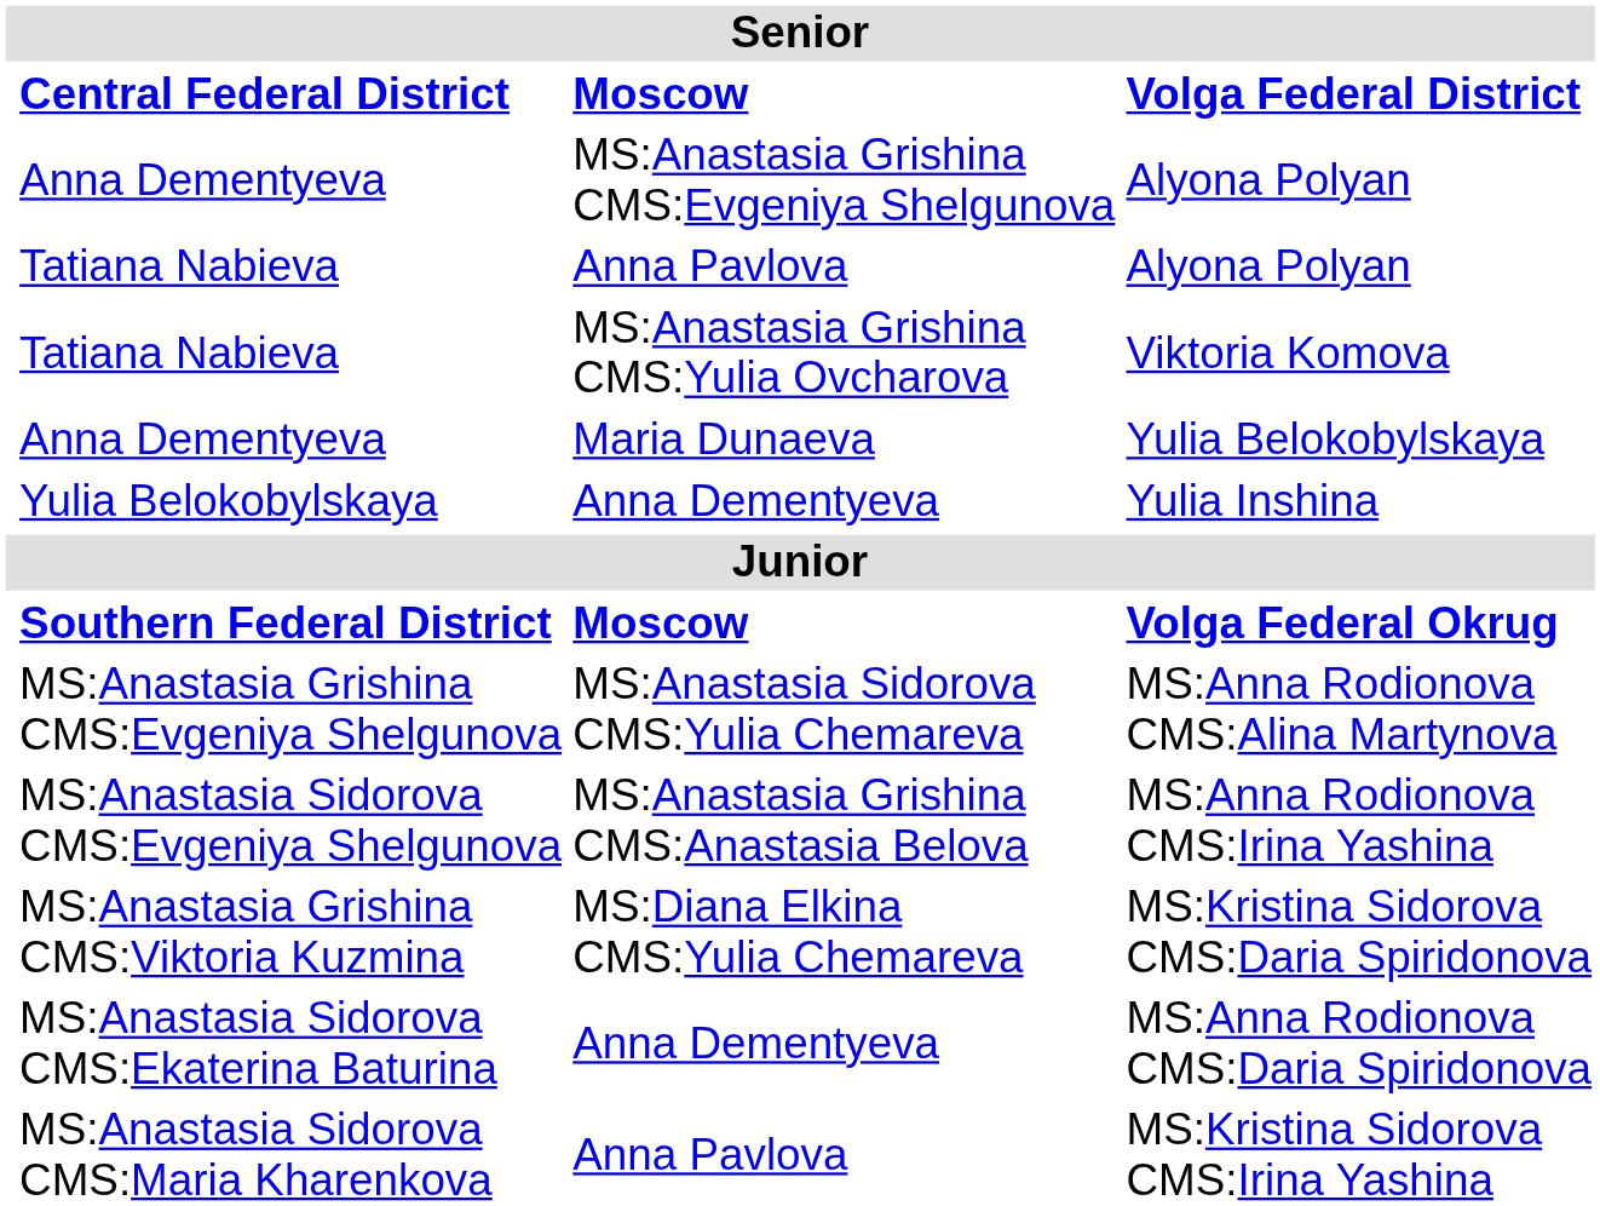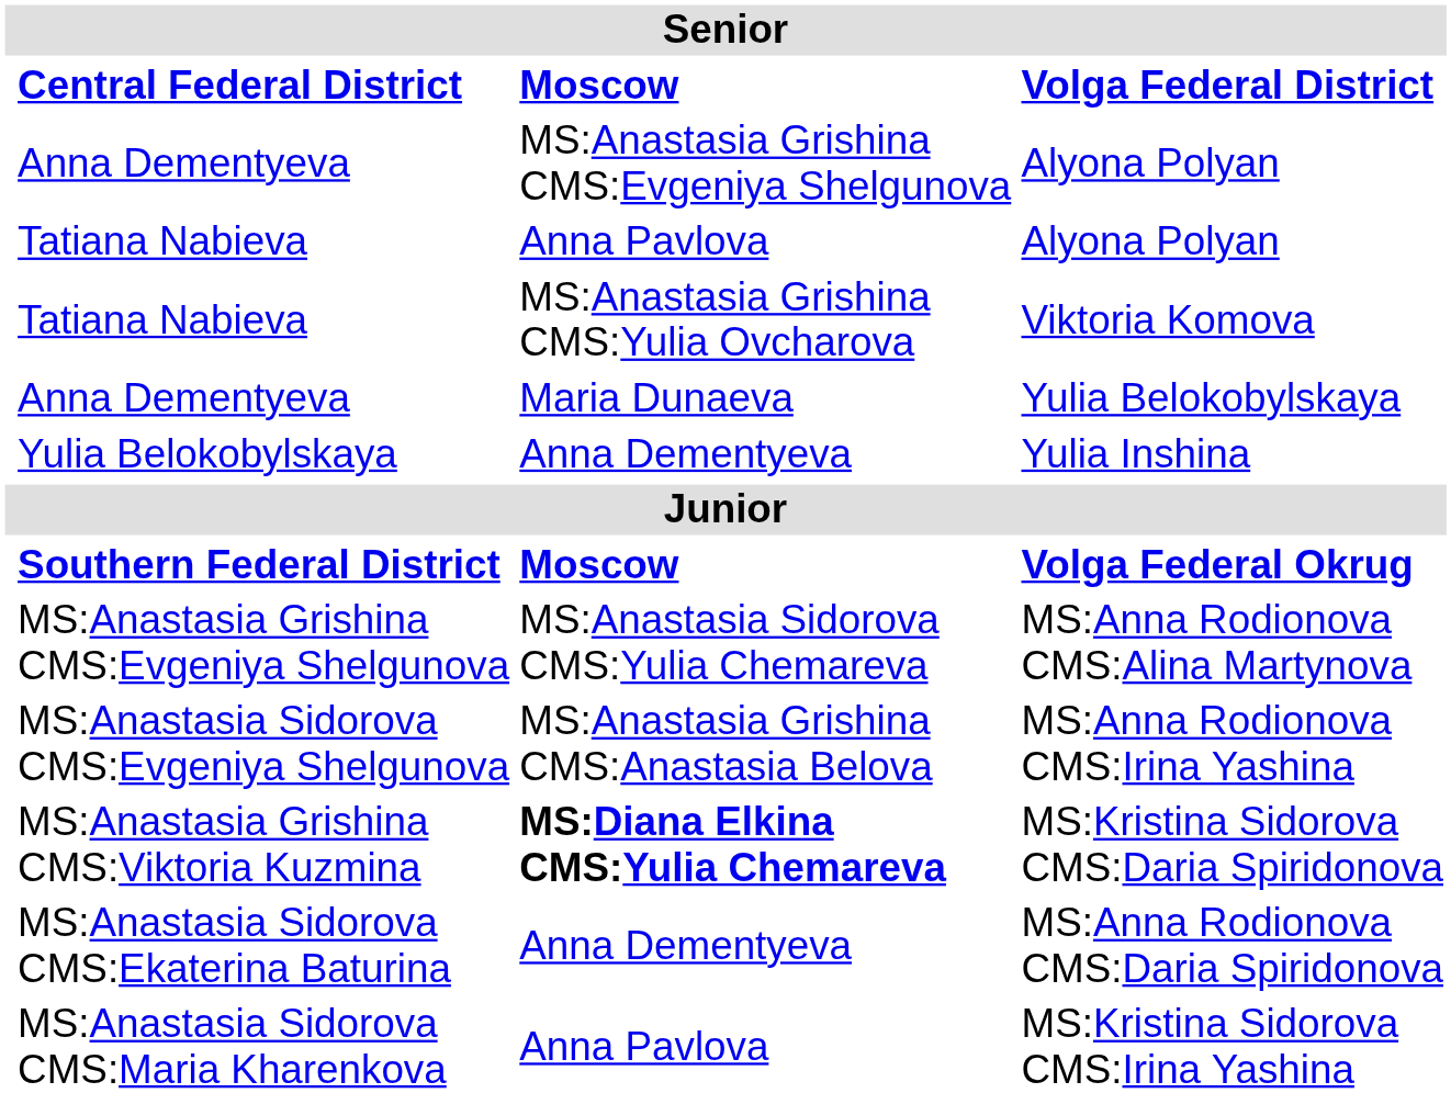 <table>
 <tr bgcolor="DFDFDF">
 <td colspan="5" align="center"><strong>Senior</strong></td>
 </tr>
 <tr>
 <td><br></td>
 <td><strong><a href='#'>Central Federal District</a></strong></td>
 <td><strong><a href='#'>Moscow</a></strong></td>
 <td><strong><a href='#'>Volga Federal District</a></strong></td>
 </tr>
 <tr>
 <td><br></td>
 <td><a href='#'>Anna Dementyeva</a></td>
 <td>MS:<a href='#'>Anastasia Grishina</a><br> CMS:<a href='#'>Evgeniya Shelgunova</a></td>
 <td><a href='#'>Alyona Polyan</a></td>
 </tr>
 <tr>
 <td><br></td>
 <td><a href='#'>Tatiana Nabieva</a></td>
 <td><a href='#'>Anna Pavlova</a></td>
 <td><a href='#'>Alyona Polyan</a></td>
 </tr>
 <tr>
 <td><br></td>
 <td><a href='#'>Tatiana Nabieva</a></td>
 <td>MS:<a href='#'>Anastasia Grishina</a><br> CMS:<a href='#'>Yulia Ovcharova</a></td>
 <td><a href='#'>Viktoria Komova</a></td>
 </tr>
 <tr>
 <td><br></td>
 <td><a href='#'>Anna Dementyeva</a></td>
 <td><a href='#'>Maria Dunaeva</a></td>
 <td><a href='#'>Yulia Belokobylskaya</a></td>
 </tr>
 <tr>
 <td><br></td>
 <td><a href='#'>Yulia Belokobylskaya</a></td>
 <td><a href='#'>Anna Dementyeva</a></td>
 <td><a href='#'>Yulia Inshina</a></td>
 </tr>
 <tr bgcolor="DFDFDF">
 <td colspan="5" align="center"><strong>Junior</strong></td>
 </tr>
 <tr>
 <td><br></td>
 <td><strong><a href='#'>Southern Federal District</a></strong></td>
 <td><strong><a href='#'>Moscow</a></strong></td>
 <td><strong><a href='#'>Volga Federal Okrug</a></strong></td>
 </tr>
 <tr>
 <td><br></td>
 <td>MS:<a href='#'>Anastasia Grishina</a><br> CMS:<a href='#'>Evgeniya Shelgunova</a></td>
 <td>MS:<a href='#'>Anastasia Sidorova</a><br> CMS:<a href='#'>Yulia Chemareva</a></td>
 <td>MS:<a href='#'>Anna Rodionova</a><br> CMS:<a href='#'>Alina Martynova</a></td>
 </tr>
 <tr>
 <td><br></td>
 <td>MS:<a href='#'>Anastasia Sidorova</a><br> CMS:<a href='#'>Evgeniya Shelgunova</a></td>
 <td>MS:<a href='#'>Anastasia Grishina</a><br> CMS:<a href='#'>Anastasia Belova</a></td>
 <td>MS:<a href='#'>Anna Rodionova</a><br> CMS:<a href='#'>Irina Yashina</a></td>
 </tr>
 <tr>
 <td><br></td>
 <td>MS:<a href='#'>Anastasia Grishina</a><br> CMS:<a href='#'>Viktoria Kuzmina</a></td>
-<td>MS:<a href='#'>Diana Elkina</a><br> CMS:<a href='#'>Yulia Chemareva</a></td>
+<td><strong>MS:<a href='#'>Diana Elkina</a><br> CMS:<a href='#'>Yulia Chemareva</a></strong></td>
 <td>MS:<a href='#'>Kristina Sidorova</a><br> CMS:<a href='#'>Daria Spiridonova</a></td>
 </tr>
 <tr>
 <td><br></td>
 <td>MS:<a href='#'>Anastasia Sidorova</a><br> CMS:<a href='#'>Ekaterina Baturina</a></td>
 <td><a href='#'>Anna Dementyeva</a></td>
 <td>MS:<a href='#'>Anna Rodionova</a><br> CMS:<a href='#'>Daria Spiridonova</a></td>
 </tr>
 <tr>
 <td><br></td>
 <td>MS:<a href='#'>Anastasia Sidorova</a><br> CMS:<a href='#'>Maria Kharenkova</a></td>
 <td><a href='#'>Anna Pavlova</a></td>
 <td>MS:<a href='#'>Kristina Sidorova</a><br> CMS:<a href='#'>Irina Yashina</a></td>
 </tr>
 </table>
